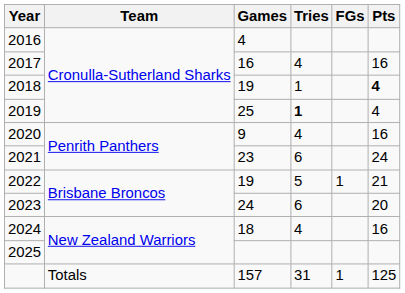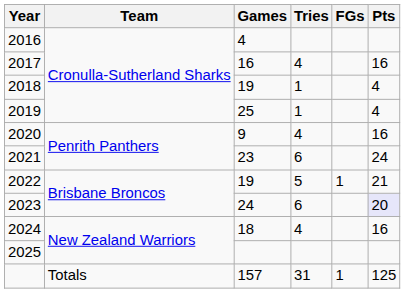 <table class="wikitable">
 <tr>
 <th>Year</th>
 <th>Team</th>
 <th>Games</th>
 <th>Tries</th>
 <th>FGs</th>
 <th>Pts</th>
 </tr>
 <tr>
 <td>2016</td>
 <td rowspan="4"> <a href='#'>Cronulla-Sutherland Sharks</a></td>
 <td>4</td>
 <td></td>
 <td></td>
 <td></td>
 </tr>
 <tr>
 <td>2017</td>
 <td>16</td>
 <td>4</td>
 <td></td>
 <td>16</td>
 </tr>
 <tr>
 <td>2018</td>
 <td>19</td>
 <td>1</td>
 <td></td>
-<td><strong>4</strong></td>
+<td>4</td>
 </tr>
 <tr>
 <td>2019</td>
 <td>25</td>
-<td><strong>1</strong></td>
+<td>1</td>
 <td></td>
 <td>4</td>
 </tr>
 <tr>
 <td>2020</td>
 <td rowspan="2"> <a href='#'>Penrith Panthers</a></td>
 <td>9</td>
 <td>4</td>
 <td></td>
 <td>16</td>
 </tr>
 <tr>
 <td>2021</td>
 <td>23</td>
 <td>6</td>
 <td></td>
 <td>24</td>
 </tr>
 <tr>
 <td>2022</td>
 <td rowspan="2"> <a href='#'>Brisbane Broncos</a></td>
 <td>19</td>
 <td>5</td>
 <td>1</td>
 <td>21</td>
 </tr>
 <tr>
 <td>2023</td>
 <td>24</td>
 <td>6</td>
 <td></td>
-<td>20</td>
+<td style="background: lavender;">20</td>
 </tr>
 <tr>
 <td>2024</td>
 <td rowspan="2"> <a href='#'>New Zealand Warriors</a></td>
 <td>18</td>
 <td>4</td>
 <td></td>
 <td>16</td>
 </tr>
 <tr>
 <td>2025</td>
 <td></td>
 <td></td>
 <td></td>
 <td></td>
 </tr>
 <tr>
 <td></td>
 <td>Totals</td>
 <td>157</td>
 <td>31</td>
 <td>1</td>
 <td>125</td>
 </tr>
 </table>
